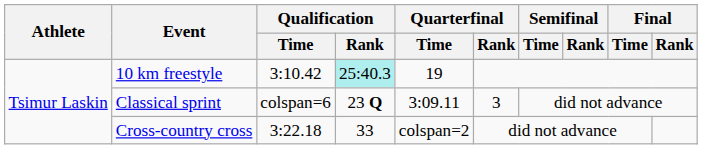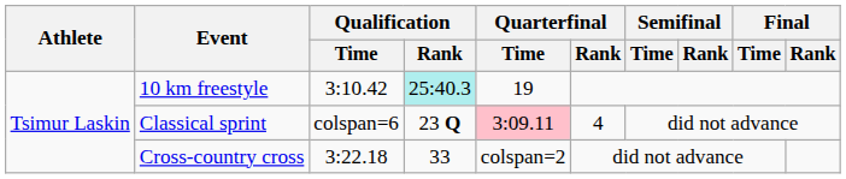 <table class="wikitable" style="font-size:90%">
 <tr>
 <th rowspan="2">Athlete</th>
 <th rowspan="2">Event</th>
 <th colspan="2">Qualification</th>
 <th colspan="2">Quarterfinal</th>
 <th colspan="2">Semifinal</th>
 <th colspan="2">Final</th>
 </tr>
 <tr style="font-size:95%">
 <th>Time</th>
 <th>Rank</th>
 <th>Time</th>
 <th>Rank</th>
 <th>Time</th>
 <th>Rank</th>
 <th>Time</th>
 <th>Rank</th>
 </tr>
 <tr align=center>
 <td align=left rowspan=3><a href='#'>Tsimur Laskin</a></td>
 <td align=left><a href='#'>10 km freestyle</a></td>
 <td>3:10.42</td>
 <td style="background: paleturquoise;">25:40.3</td>
 <td>19</td>
 </tr>
 <tr align=center>
 <td align=left><a href='#'>Classical sprint</a></td>
 <td>colspan=6 </td>
 <td>23 <strong>Q</strong></td>
-<td>3:09.11</td>
-<td>3</td>
+<td style="background: pink;">3:09.11</td>
+<td>4</td>
 <td colspan=4>did not advance</td>
 </tr>
 <tr align=center>
 <td align=left><a href='#'>Cross-country cross</a></td>
 <td>3:22.18</td>
 <td>33</td>
 <td>colspan=2 </td>
 <td colspan=4>did not advance</td>
 </tr>
 </table>
